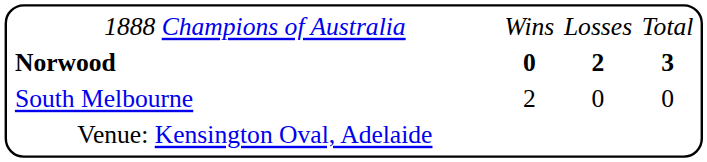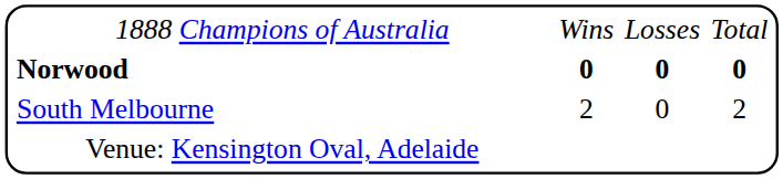 <table style="margin-right:4px; margin-top:8px; float:right; border:1px #000 solid; border-radius:8px; background:#fff; font-family:Verdana; font-size:8pt; text-align:center;">
 <tr>
 <td width=200><em>1888 <a href='#'>Champions of Australia</a></em></td>
 <td><em>Wins</em></td>
 <td><em>Losses</em></td>
 <td><em>Total</em></td>
 </tr>
 <tr>
 <td style="text-align:left"><strong>Norwood</strong></td>
 <td><strong>0</strong></td>
-<td><strong>2</strong></td>
-<td><strong>3</strong></td>
+<td><strong>0</strong></td>
+<td><strong>0</strong></td>
 </tr>
 <tr>
 <td style="text-align:left"><a href='#'>South Melbourne</a></td>
 <td>2</td>
 <td>0</td>
-<td>0</td>
+<td>2</td>
 </tr>
 <tr>
 <td>Venue: <a href='#'>Kensington Oval, Adelaide</a></td>
 <td colspan=3></td>
 </tr>
 </table>
